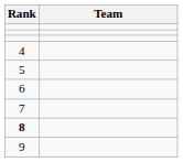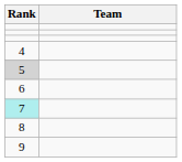 <table class="wikitable" style="text-align:center;">
 <tr>
 <th>Rank</th>
 <th width=175>Team</th>
 </tr>
 <tr>
 <td></td>
 <td align=left></td>
 </tr>
 <tr>
 <td></td>
 <td align=left></td>
 </tr>
 <tr>
 <td></td>
 <td align=left></td>
 </tr>
 <tr>
 <td>4</td>
 <td align=left></td>
 </tr>
 <tr>
-<td>5</td>
+<td style="background: lightgrey;">5</td>
 <td align=left></td>
 </tr>
 <tr>
 <td>6</td>
 <td align=left></td>
 </tr>
 <tr>
-<td>7</td>
+<td style="background: paleturquoise;">7</td>
 <td align=left></td>
 </tr>
 <tr>
-<td><strong>8</strong></td>
+<td>8</td>
 <td align=left></td>
 </tr>
 <tr>
 <td>9</td>
 <td align=left></td>
 </tr>
 </table>
